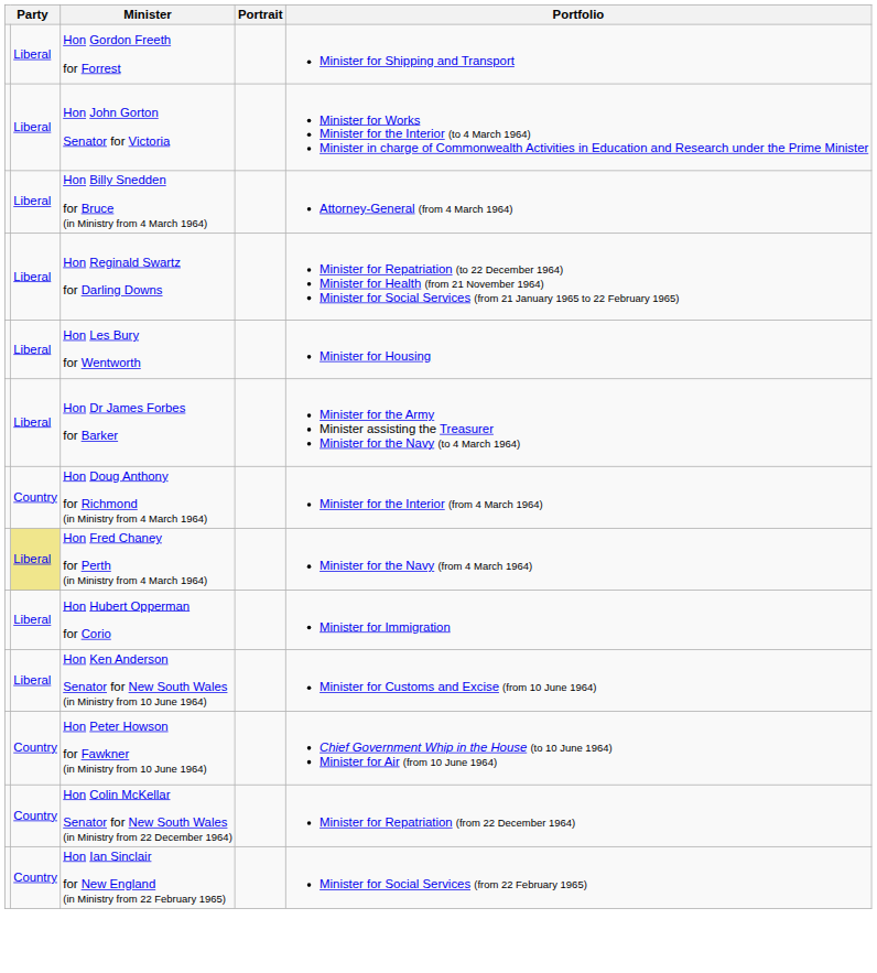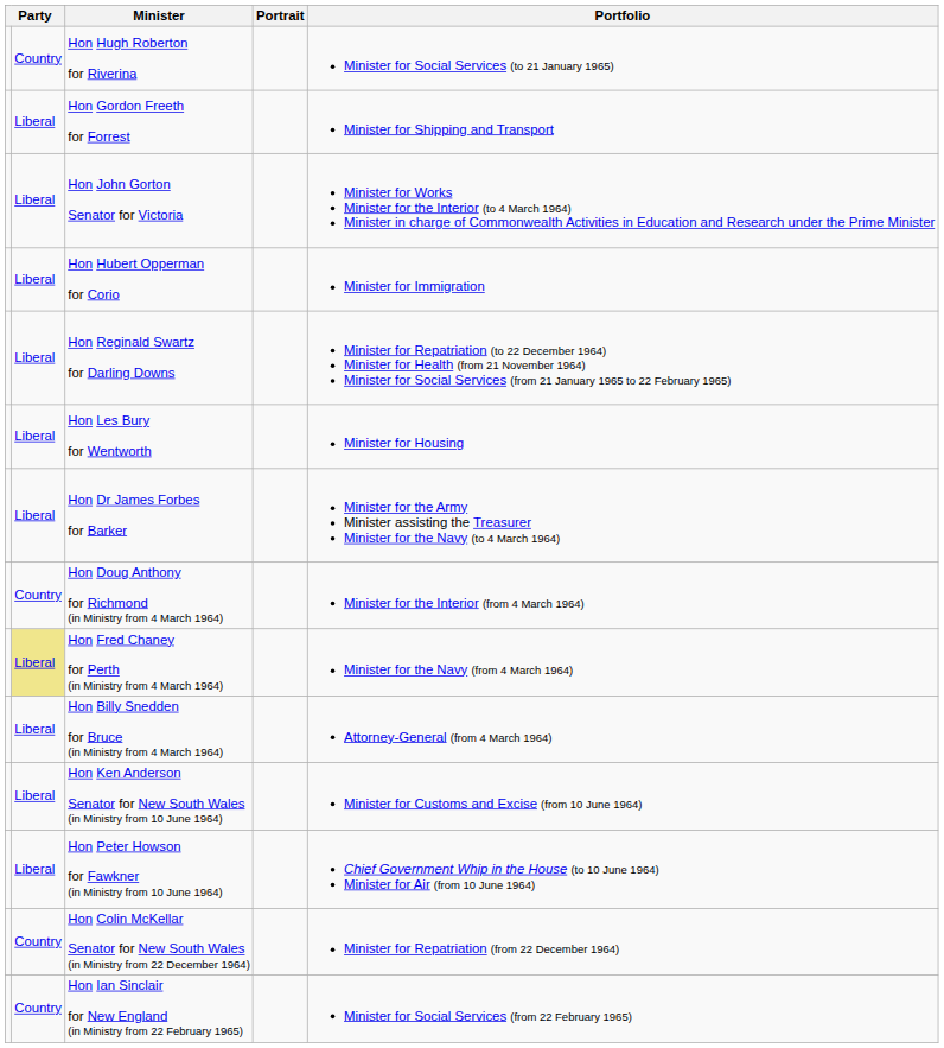 <table class="wikitable sortable">
 <tr>
 <th colspan="2">Party</th>
 <th>Minister</th>
 <th>Portrait</th>
 <th>Portfolio</th>
+</tr>
+<tr>
+<td></td>
+<td><a href='#'>Country</a></td>
+<td><a href='#'>Hon</a> <a href='#'>Hugh Roberton</a> <br><br> for <a href='#'>Riverina</a> <br></td>
+<td></td>
+<td><br><ul><li><a href='#'>Minister for Social Services</a> <small>(to 21 January 1965)</small></li></ul></td>
 </tr>
 <tr>
 <td></td>
 <td><a href='#'>Liberal</a></td>
 <td><a href='#'>Hon</a> <a href='#'>Gordon Freeth</a> <br><br> for <a href='#'>Forrest</a> <br></td>
 <td></td>
 <td><br><ul><li><a href='#'>Minister for Shipping and Transport</a></li></ul></td>
 </tr>
 <tr>
 <td></td>
 <td><a href='#'>Liberal</a></td>
 <td><a href='#'>Hon</a> <a href='#'>John Gorton</a> <br><br><a href='#'>Senator</a> for <a href='#'>Victoria</a> <br></td>
 <td></td>
 <td><br><ul><li><a href='#'>Minister for Works</a></li><li><a href='#'>Minister for the Interior</a> <small>(to 4 March 1964)</small></li><li><a href='#'>Minister in charge of Commonwealth Activities in Education and Research under the Prime Minister</a></li></ul></td>
 </tr>
 <tr>
 <td></td>
 <td><a href='#'>Liberal</a></td>
-<td><a href='#'>Hon</a> <a href='#'>Billy Snedden</a>  <br><br> for <a href='#'>Bruce</a> <br> <small>(in Ministry from 4 March 1964)</small></td>
+<td><a href='#'>Hon</a> <a href='#'>Hubert Opperman</a>  <br><br> for <a href='#'>Corio</a> <br></td>
 <td></td>
-<td><br><ul><li><a href='#'>Attorney-General</a> <small>(from 4 March 1964)</small></li></ul></td>
+<td><br><ul><li><a href='#'>Minister for Immigration</a></li></ul></td>
 </tr>
 <tr>
 <td></td>
 <td><a href='#'>Liberal</a></td>
 <td><a href='#'>Hon</a> <a href='#'>Reginald Swartz</a>  <br><br> for <a href='#'>Darling Downs</a> <br></td>
 <td></td>
 <td><br><ul><li><a href='#'>Minister for Repatriation</a> <small>(to 22 December 1964)</small></li><li><a href='#'>Minister for Health</a> <small>(from 21 November 1964)</small></li><li><a href='#'>Minister for Social Services</a> <small>(from 21 January 1965 to 22 February 1965)</small></li></ul></td>
 </tr>
 <tr>
 <td></td>
 <td><a href='#'>Liberal</a></td>
 <td><a href='#'>Hon</a> <a href='#'>Les Bury</a> <br><br> for <a href='#'>Wentworth</a> <br></td>
 <td></td>
 <td><br><ul><li><a href='#'>Minister for Housing</a></li></ul></td>
 </tr>
 <tr>
 <td></td>
 <td><a href='#'>Liberal</a></td>
 <td><a href='#'>Hon</a> <a href='#'>Dr James Forbes</a>  <br><br> for <a href='#'>Barker</a> <br></td>
 <td></td>
 <td><br><ul><li><a href='#'>Minister for the Army</a></li><li>Minister assisting the <a href='#'>Treasurer</a></li><li><a href='#'>Minister for the Navy</a> <small>(to 4 March 1964)</small></li></ul></td>
 </tr>
 <tr>
 <td></td>
 <td><a href='#'>Country</a></td>
 <td><a href='#'>Hon</a> <a href='#'>Doug Anthony</a> <br><br> for <a href='#'>Richmond</a> <br> <small>(in Ministry from 4 March 1964)</small></td>
 <td></td>
 <td><br><ul><li><a href='#'>Minister for the Interior</a> <small>(from 4 March 1964)</small></li></ul></td>
 </tr>
 <tr>
 <td></td>
 <td style="background: khaki;"><a href='#'>Liberal</a></td>
 <td><a href='#'>Hon</a> <a href='#'>Fred Chaney</a>  <br><br> for <a href='#'>Perth</a> <br> <small>(in Ministry from 4 March 1964)</small></td>
 <td></td>
 <td><br><ul><li><a href='#'>Minister for the Navy</a> <small>(from 4 March 1964)</small></li></ul></td>
 </tr>
 <tr>
 <td></td>
 <td><a href='#'>Liberal</a></td>
-<td><a href='#'>Hon</a> <a href='#'>Hubert Opperman</a>  <br><br> for <a href='#'>Corio</a> <br></td>
+<td><a href='#'>Hon</a> <a href='#'>Billy Snedden</a>  <br><br> for <a href='#'>Bruce</a> <br> <small>(in Ministry from 4 March 1964)</small></td>
 <td></td>
-<td><br><ul><li><a href='#'>Minister for Immigration</a></li></ul></td>
+<td><br><ul><li><a href='#'>Attorney-General</a> <small>(from 4 March 1964)</small></li></ul></td>
 </tr>
 <tr>
 <td></td>
 <td><a href='#'>Liberal</a></td>
 <td><a href='#'>Hon</a> <a href='#'>Ken Anderson</a> <br><br><a href='#'>Senator</a> for <a href='#'>New South Wales</a> <br> <small>(in Ministry from 10 June 1964)</small></td>
 <td></td>
 <td><br><ul><li><a href='#'>Minister for Customs and Excise</a> <small>(from 10 June 1964)</small></li></ul></td>
 </tr>
 <tr>
 <td></td>
-<td><a href='#'>Country</a></td>
+<td><a href='#'>Liberal</a></td>
 <td><a href='#'>Hon</a> <a href='#'>Peter Howson</a> <br><br> for <a href='#'>Fawkner</a> <br> <small>(in Ministry from 10 June 1964)</small></td>
 <td></td>
 <td><br><ul><li><em><a href='#'>Chief Government Whip in the House</a></em> <small>(to 10 June 1964)</small></li><li><a href='#'>Minister for Air</a> <small>(from 10 June 1964)</small></li></ul></td>
 </tr>
 <tr>
 <td></td>
 <td><a href='#'>Country</a></td>
 <td><a href='#'>Hon</a> <a href='#'>Colin McKellar</a> <br><br><a href='#'>Senator</a> for <a href='#'>New South Wales</a> <br> <small>(in Ministry from 22 December 1964)</small></td>
 <td></td>
 <td><br><ul><li><a href='#'>Minister for Repatriation</a> <small>(from 22 December 1964)</small></li></ul></td>
 </tr>
 <tr>
 <td></td>
 <td><a href='#'>Country</a></td>
 <td><a href='#'>Hon</a> <a href='#'>Ian Sinclair</a> <br><br> for <a href='#'>New England</a> <br> <small>(in Ministry from 22 February 1965)</small></td>
 <td></td>
 <td><br><ul><li><a href='#'>Minister for Social Services</a> <small>(from 22 February 1965)</small></li></ul></td>
 </tr>
 </table>
